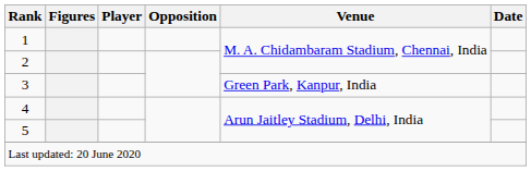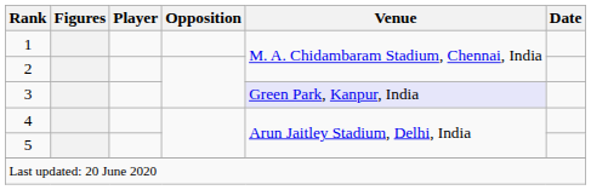 <table class="wikitable sortable">
 <tr>
 <th scope=col>Rank</th>
 <th scope=col>Figures</th>
 <th scope=col>Player</th>
 <th scope=col>Opposition</th>
 <th scope=col>Venue</th>
 <th scope=col>Date</th>
 </tr>
 <tr>
 <td align=center>1</td>
 <th scope=row style=text-align:center;></th>
 <td></td>
 <td></td>
 <td rowspan=2><a href='#'>M. A. Chidambaram Stadium</a>, <a href='#'>Chennai</a>, India</td>
 <td></td>
 </tr>
 <tr>
 <td align=center>2</td>
 <th scope=row style=text-align:center;></th>
 <td></td>
 <td rowspan=2></td>
 <td></td>
 </tr>
 <tr>
 <td align=center>3</td>
 <th scope=row style=text-align:center;></th>
 <td></td>
-<td><a href='#'>Green Park</a>, <a href='#'>Kanpur</a>, India</td>
+<td style="background: lavender;"><a href='#'>Green Park</a>, <a href='#'>Kanpur</a>, India</td>
 <td></td>
 </tr>
 <tr>
 <td align=center>4</td>
 <th scope=row style=text-align:center;></th>
 <td></td>
 <td rowspan=2></td>
 <td rowspan=2><a href='#'>Arun Jaitley Stadium</a>, <a href='#'>Delhi</a>, India</td>
 <td></td>
 </tr>
 <tr>
 <td align=center>5</td>
 <th scope=row style=text-align:center;></th>
 <td></td>
 <td></td>
 </tr>
 <tr>
 </tr>
 <tr class=sortbottom>
 <td colspan=6><small>Last updated: 20 June 2020</small></td>
 </tr>
 </table>
